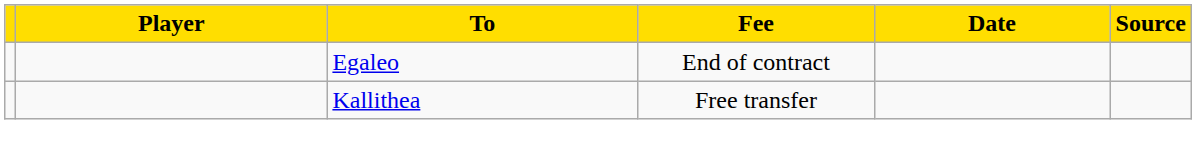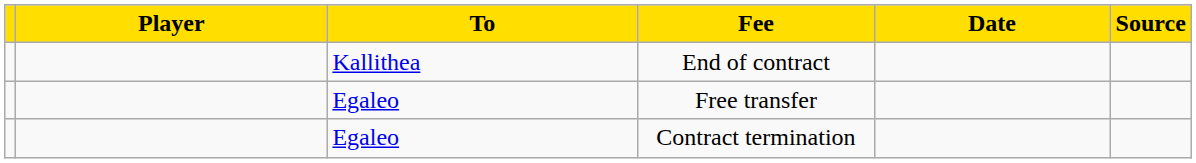 <table class="wikitable sortable">
 <tr>
 <th style="background:#FFDE00"></th>
 <th width=200 style="background:#FFDE00">Player</th>
 <th width=200 style="background:#FFDE00">To</th>
 <th width=150 style="background:#FFDE00">Fee</th>
 <th width=150 style="background:#FFDE00">Date</th>
 <th style="background:#FFDE00">Source</th>
 </tr>
 <tr>
 <td align=center></td>
 <td></td>
-<td> <a href='#'>Egaleo</a></td>
+<td> <a href='#'>Kallithea</a></td>
 <td align=center>End of contract</td>
 <td align=center></td>
 <td align=center></td>
 </tr>
 <tr>
 <td align=center></td>
 <td></td>
-<td> <a href='#'>Kallithea</a></td>
+<td> <a href='#'>Egaleo</a></td>
 <td align=center>Free transfer</td>
 <td align=center></td>
 <td align=center></td>
 </tr>
+<tr>
+<td align=center></td>
+<td></td>
+<td> <a href='#'>Egaleo</a></td>
+<td align=center>Contract termination</td>
+<td align=center></td>
+<td align=center></td>
+</tr>
 </table>
